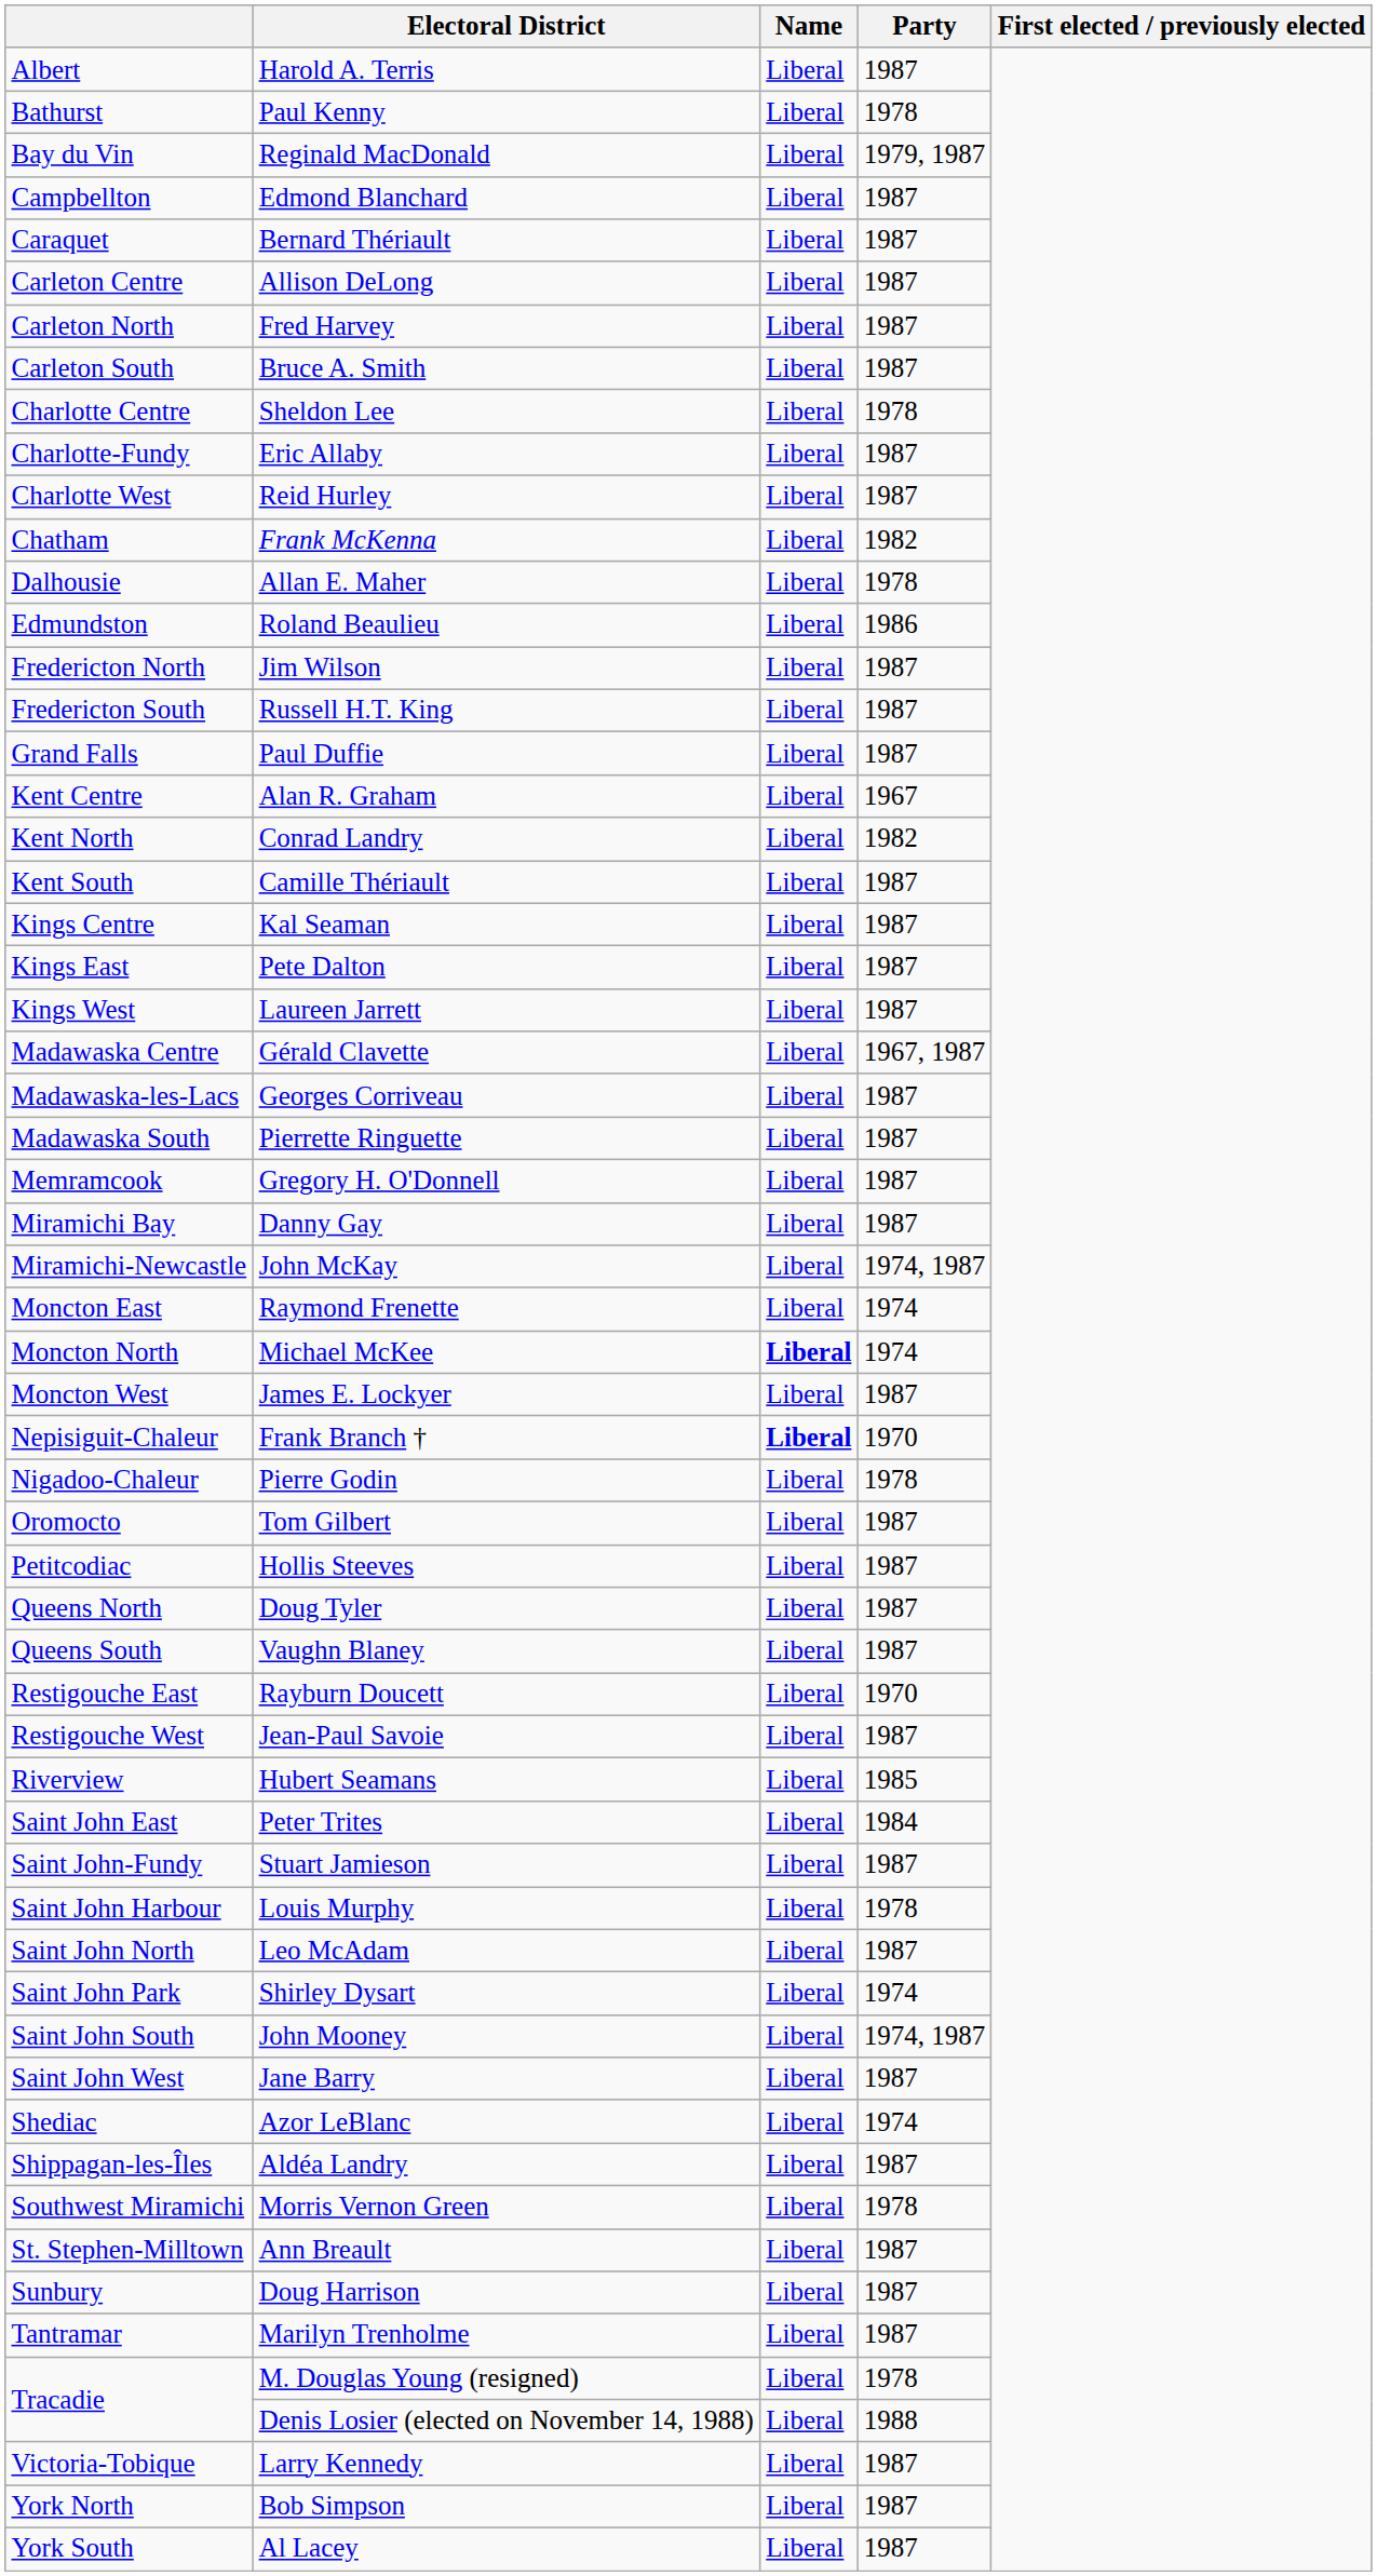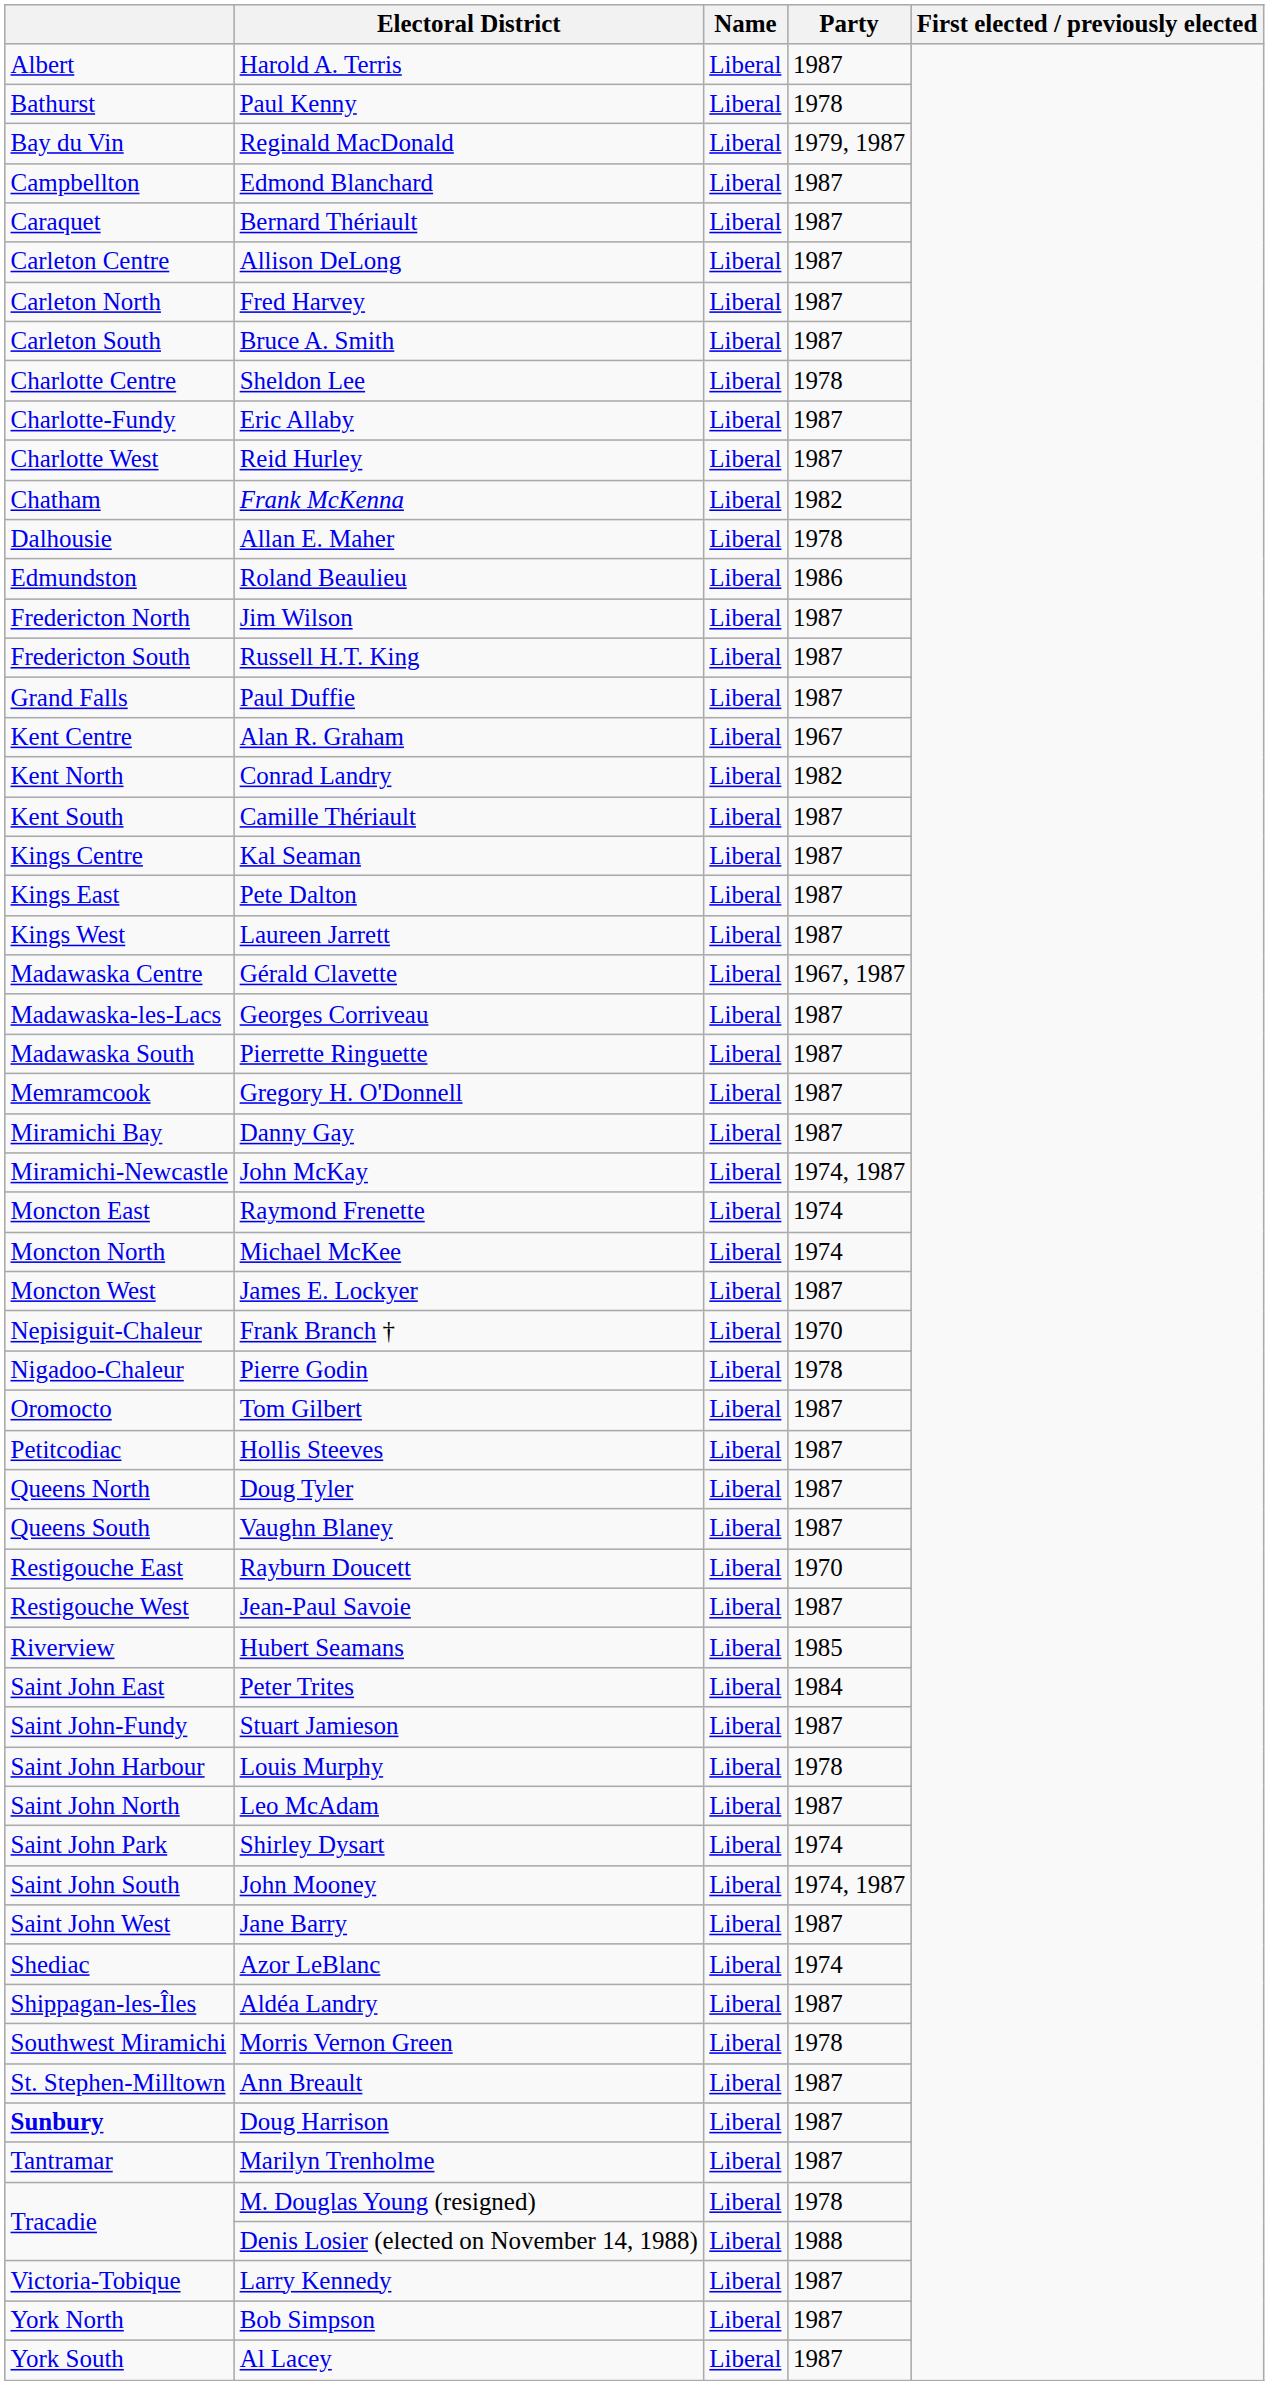 <table class="wikitable sortable">
 <tr>
 <th></th>
 <th>Electoral District</th>
 <th>Name</th>
 <th>Party</th>
 <th>First elected / previously elected</th>
 </tr>
 <tr>
 <td><a href='#'>Albert</a></td>
 <td><a href='#'>Harold A. Terris</a></td>
 <td><a href='#'>Liberal</a></td>
 <td>1987</td>
 </tr>
 <tr>
 <td><a href='#'>Bathurst</a></td>
 <td><a href='#'>Paul Kenny</a></td>
 <td><a href='#'>Liberal</a></td>
 <td>1978</td>
 </tr>
 <tr>
 <td><a href='#'>Bay du Vin</a></td>
 <td><a href='#'>Reginald MacDonald</a></td>
 <td><a href='#'>Liberal</a></td>
 <td>1979, 1987</td>
 </tr>
 <tr>
 <td><a href='#'>Campbellton</a></td>
 <td><a href='#'>Edmond Blanchard</a></td>
 <td><a href='#'>Liberal</a></td>
 <td>1987</td>
 </tr>
 <tr>
 <td><a href='#'>Caraquet</a></td>
 <td><a href='#'>Bernard Thériault</a></td>
 <td><a href='#'>Liberal</a></td>
 <td>1987</td>
 </tr>
 <tr>
 <td><a href='#'>Carleton Centre</a></td>
 <td><a href='#'>Allison DeLong</a></td>
 <td><a href='#'>Liberal</a></td>
 <td>1987</td>
 </tr>
 <tr>
 <td><a href='#'>Carleton North</a></td>
 <td><a href='#'>Fred Harvey</a></td>
 <td><a href='#'>Liberal</a></td>
 <td>1987</td>
 </tr>
 <tr>
 <td><a href='#'>Carleton South</a></td>
 <td><a href='#'>Bruce A. Smith</a></td>
 <td><a href='#'>Liberal</a></td>
 <td>1987</td>
 </tr>
 <tr>
 <td><a href='#'>Charlotte Centre</a></td>
 <td><a href='#'>Sheldon Lee</a></td>
 <td><a href='#'>Liberal</a></td>
 <td>1978</td>
 </tr>
 <tr>
 <td><a href='#'>Charlotte-Fundy</a></td>
 <td><a href='#'>Eric Allaby</a></td>
 <td><a href='#'>Liberal</a></td>
 <td>1987</td>
 </tr>
 <tr>
 <td><a href='#'>Charlotte West</a></td>
 <td><a href='#'>Reid Hurley</a></td>
 <td><a href='#'>Liberal</a></td>
 <td>1987</td>
 </tr>
 <tr>
 <td><a href='#'>Chatham</a></td>
 <td><em><a href='#'>Frank McKenna</a></em></td>
 <td><a href='#'>Liberal</a></td>
 <td>1982</td>
 </tr>
 <tr>
 <td><a href='#'>Dalhousie</a></td>
 <td><a href='#'>Allan E. Maher</a></td>
 <td><a href='#'>Liberal</a></td>
 <td>1978</td>
 </tr>
 <tr>
 <td><a href='#'>Edmundston</a></td>
 <td><a href='#'>Roland Beaulieu</a></td>
 <td><a href='#'>Liberal</a></td>
 <td>1986</td>
 </tr>
 <tr>
 <td><a href='#'>Fredericton North</a></td>
 <td><a href='#'>Jim Wilson</a></td>
 <td><a href='#'>Liberal</a></td>
 <td>1987</td>
 </tr>
 <tr>
 <td><a href='#'>Fredericton South</a></td>
 <td><a href='#'>Russell H.T. King</a></td>
 <td><a href='#'>Liberal</a></td>
 <td>1987</td>
 </tr>
 <tr>
 <td><a href='#'>Grand Falls</a></td>
 <td><a href='#'>Paul Duffie</a></td>
 <td><a href='#'>Liberal</a></td>
 <td>1987</td>
 </tr>
 <tr>
 <td><a href='#'>Kent Centre</a></td>
 <td><a href='#'>Alan R. Graham</a></td>
 <td><a href='#'>Liberal</a></td>
 <td>1967</td>
 </tr>
 <tr>
 <td><a href='#'>Kent North</a></td>
 <td><a href='#'>Conrad Landry</a></td>
 <td><a href='#'>Liberal</a></td>
 <td>1982</td>
 </tr>
 <tr>
 <td><a href='#'>Kent South</a></td>
 <td><a href='#'>Camille Thériault</a></td>
 <td><a href='#'>Liberal</a></td>
 <td>1987</td>
 </tr>
 <tr>
 <td><a href='#'>Kings Centre</a></td>
 <td><a href='#'>Kal Seaman</a></td>
 <td><a href='#'>Liberal</a></td>
 <td>1987</td>
 </tr>
 <tr>
 <td><a href='#'>Kings East</a></td>
 <td><a href='#'>Pete Dalton</a></td>
 <td><a href='#'>Liberal</a></td>
 <td>1987</td>
 </tr>
 <tr>
 <td><a href='#'>Kings West</a></td>
 <td><a href='#'>Laureen Jarrett</a></td>
 <td><a href='#'>Liberal</a></td>
 <td>1987</td>
 </tr>
 <tr>
 <td><a href='#'>Madawaska Centre</a></td>
 <td><a href='#'>Gérald Clavette</a></td>
 <td><a href='#'>Liberal</a></td>
 <td>1967, 1987</td>
 </tr>
 <tr>
 <td><a href='#'>Madawaska-les-Lacs</a></td>
 <td><a href='#'>Georges Corriveau</a></td>
 <td><a href='#'>Liberal</a></td>
 <td>1987</td>
 </tr>
 <tr>
 <td><a href='#'>Madawaska South</a></td>
 <td><a href='#'>Pierrette Ringuette</a></td>
 <td><a href='#'>Liberal</a></td>
 <td>1987</td>
 </tr>
 <tr>
 <td><a href='#'>Memramcook</a></td>
 <td><a href='#'>Gregory H. O'Donnell</a></td>
 <td><a href='#'>Liberal</a></td>
 <td>1987</td>
 </tr>
 <tr>
 <td><a href='#'>Miramichi Bay</a></td>
 <td><a href='#'>Danny Gay</a></td>
 <td><a href='#'>Liberal</a></td>
 <td>1987</td>
 </tr>
 <tr>
 <td><a href='#'>Miramichi-Newcastle</a></td>
 <td><a href='#'>John McKay</a></td>
 <td><a href='#'>Liberal</a></td>
 <td>1974, 1987</td>
 </tr>
 <tr>
 <td><a href='#'>Moncton East</a></td>
 <td><a href='#'>Raymond Frenette</a></td>
 <td><a href='#'>Liberal</a></td>
 <td>1974</td>
 </tr>
 <tr>
 <td><a href='#'>Moncton North</a></td>
 <td><a href='#'>Michael McKee</a></td>
-<td><strong><a href='#'>Liberal</a></strong></td>
+<td><a href='#'>Liberal</a></td>
 <td>1974</td>
 </tr>
 <tr>
 <td><a href='#'>Moncton West</a></td>
 <td><a href='#'>James E. Lockyer</a></td>
 <td><a href='#'>Liberal</a></td>
 <td>1987</td>
 </tr>
 <tr>
 <td><a href='#'>Nepisiguit-Chaleur</a></td>
 <td><a href='#'>Frank Branch</a> †</td>
-<td><strong><a href='#'>Liberal</a></strong></td>
+<td><a href='#'>Liberal</a></td>
 <td>1970</td>
 </tr>
 <tr>
 <td><a href='#'>Nigadoo-Chaleur</a></td>
 <td><a href='#'>Pierre Godin</a></td>
 <td><a href='#'>Liberal</a></td>
 <td>1978</td>
 </tr>
 <tr>
 <td><a href='#'>Oromocto</a></td>
 <td><a href='#'>Tom Gilbert</a></td>
 <td><a href='#'>Liberal</a></td>
 <td>1987</td>
 </tr>
 <tr>
 <td><a href='#'>Petitcodiac</a></td>
 <td><a href='#'>Hollis Steeves</a></td>
 <td><a href='#'>Liberal</a></td>
 <td>1987</td>
 </tr>
 <tr>
 <td><a href='#'>Queens North</a></td>
 <td><a href='#'>Doug Tyler</a></td>
 <td><a href='#'>Liberal</a></td>
 <td>1987</td>
 </tr>
 <tr>
 <td><a href='#'>Queens South</a></td>
 <td><a href='#'>Vaughn Blaney</a></td>
 <td><a href='#'>Liberal</a></td>
 <td>1987</td>
 </tr>
 <tr>
 <td><a href='#'>Restigouche East</a></td>
 <td><a href='#'>Rayburn Doucett</a></td>
 <td><a href='#'>Liberal</a></td>
 <td>1970</td>
 </tr>
 <tr>
 <td><a href='#'>Restigouche West</a></td>
 <td><a href='#'>Jean-Paul Savoie</a></td>
 <td><a href='#'>Liberal</a></td>
 <td>1987</td>
 </tr>
 <tr>
 <td><a href='#'>Riverview</a></td>
 <td><a href='#'>Hubert Seamans</a></td>
 <td><a href='#'>Liberal</a></td>
 <td>1985</td>
 </tr>
 <tr>
 <td><a href='#'>Saint John East</a></td>
 <td><a href='#'>Peter Trites</a></td>
 <td><a href='#'>Liberal</a></td>
 <td>1984</td>
 </tr>
 <tr>
 <td><a href='#'>Saint John-Fundy</a></td>
 <td><a href='#'>Stuart Jamieson</a></td>
 <td><a href='#'>Liberal</a></td>
 <td>1987</td>
 </tr>
 <tr>
 <td><a href='#'>Saint John Harbour</a></td>
 <td><a href='#'>Louis Murphy</a></td>
 <td><a href='#'>Liberal</a></td>
 <td>1978</td>
 </tr>
 <tr>
 <td><a href='#'>Saint John North</a></td>
 <td><a href='#'>Leo McAdam</a></td>
 <td><a href='#'>Liberal</a></td>
 <td>1987</td>
 </tr>
 <tr>
 <td><a href='#'>Saint John Park</a></td>
 <td><a href='#'>Shirley Dysart</a></td>
 <td><a href='#'>Liberal</a></td>
 <td>1974</td>
 </tr>
 <tr>
 <td><a href='#'>Saint John South</a></td>
 <td><a href='#'>John Mooney</a></td>
 <td><a href='#'>Liberal</a></td>
 <td>1974, 1987</td>
 </tr>
 <tr>
 <td><a href='#'>Saint John West</a></td>
 <td><a href='#'>Jane Barry</a></td>
 <td><a href='#'>Liberal</a></td>
 <td>1987</td>
 </tr>
 <tr>
 <td><a href='#'>Shediac</a></td>
 <td><a href='#'>Azor LeBlanc</a></td>
 <td><a href='#'>Liberal</a></td>
 <td>1974</td>
 </tr>
 <tr>
 <td><a href='#'>Shippagan-les-Îles</a></td>
 <td><a href='#'>Aldéa Landry</a></td>
 <td><a href='#'>Liberal</a></td>
 <td>1987</td>
 </tr>
 <tr>
 <td><a href='#'>Southwest Miramichi</a></td>
 <td><a href='#'>Morris Vernon Green</a></td>
 <td><a href='#'>Liberal</a></td>
 <td>1978</td>
 </tr>
 <tr>
 <td><a href='#'>St. Stephen-Milltown</a></td>
 <td><a href='#'>Ann Breault</a></td>
 <td><a href='#'>Liberal</a></td>
 <td>1987</td>
 </tr>
 <tr>
-<td><a href='#'>Sunbury</a></td>
+<td><strong><a href='#'>Sunbury</a></strong></td>
 <td><a href='#'>Doug Harrison</a></td>
 <td><a href='#'>Liberal</a></td>
 <td>1987</td>
 </tr>
 <tr>
 <td><a href='#'>Tantramar</a></td>
 <td><a href='#'>Marilyn Trenholme</a></td>
 <td><a href='#'>Liberal</a></td>
 <td>1987</td>
 </tr>
 <tr>
 <td rowspan="2"><a href='#'>Tracadie</a></td>
 <td><a href='#'>M. Douglas Young</a> (resigned)</td>
 <td><a href='#'>Liberal</a></td>
 <td>1978</td>
 </tr>
 <tr>
 <td><a href='#'>Denis Losier</a> (elected on November 14, 1988)</td>
 <td><a href='#'>Liberal</a></td>
 <td>1988</td>
 </tr>
 <tr>
 <td><a href='#'>Victoria-Tobique</a></td>
 <td><a href='#'>Larry Kennedy</a></td>
 <td><a href='#'>Liberal</a></td>
 <td>1987</td>
 </tr>
 <tr>
 <td><a href='#'>York North</a></td>
 <td><a href='#'>Bob Simpson</a></td>
 <td><a href='#'>Liberal</a></td>
 <td>1987</td>
 </tr>
 <tr>
 <td><a href='#'>York South</a></td>
 <td><a href='#'>Al Lacey</a></td>
 <td><a href='#'>Liberal</a></td>
 <td>1987</td>
 </tr>
 <tr>
 </tr>
 </table>
